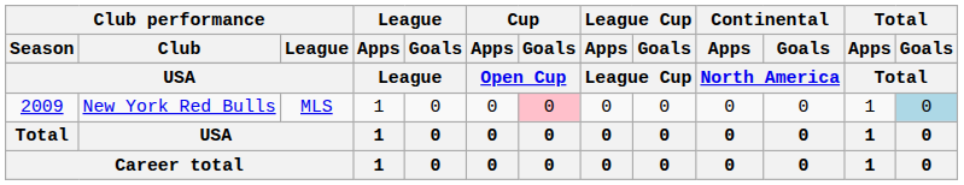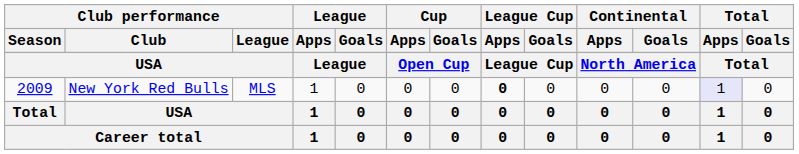 <table class="wikitable" style="text-align:center">
 <tr>
 <th colspan=3>Club performance</th>
 <th colspan=2>League</th>
 <th colspan=2>Cup</th>
 <th colspan=2>League Cup</th>
 <th colspan=2>Continental</th>
 <th colspan=2>Total</th>
 </tr>
 <tr>
 <th>Season</th>
 <th>Club</th>
 <th>League</th>
 <th>Apps</th>
 <th>Goals</th>
 <th>Apps</th>
 <th>Goals</th>
 <th>Apps</th>
 <th>Goals</th>
 <th>Apps</th>
 <th>Goals</th>
 <th>Apps</th>
 <th>Goals</th>
 </tr>
 <tr>
 </tr>
 <tr>
 <th colspan=3>USA</th>
 <th colspan=2>League</th>
 <th colspan=2><a href='#'>Open Cup</a></th>
 <th colspan=2>League Cup</th>
 <th colspan=2><a href='#'>North America</a></th>
 <th colspan=2>Total</th>
 </tr>
 <tr>
 <td><a href='#'>2009</a></td>
 <td><a href='#'>New York Red Bulls</a></td>
 <td><a href='#'>MLS</a></td>
 <td>1</td>
 <td>0</td>
 <td>0</td>
-<td style="background: pink;">0</td>
+<td>0</td>
+<td><strong>0</strong></td>
 <td>0</td>
 <td>0</td>
 <td>0</td>
+<td style="background: lavender;">1</td>
 <td>0</td>
-<td>1</td>
-<td style="background: lightblue;">0</td>
 </tr>
 <tr>
 <th rowspan=1>Total</th>
 <th colspan=2>USA</th>
 <th>1</th>
 <th>0</th>
 <th>0</th>
 <th>0</th>
 <th>0</th>
 <th>0</th>
 <th>0</th>
 <th>0</th>
 <th>1</th>
 <th>0</th>
 </tr>
 <tr>
 <th colspan=3>Career total</th>
 <th>1</th>
 <th>0</th>
 <th>0</th>
 <th>0</th>
 <th>0</th>
 <th>0</th>
 <th>0</th>
 <th>0</th>
 <th>1</th>
 <th>0</th>
 </tr>
 </table>
